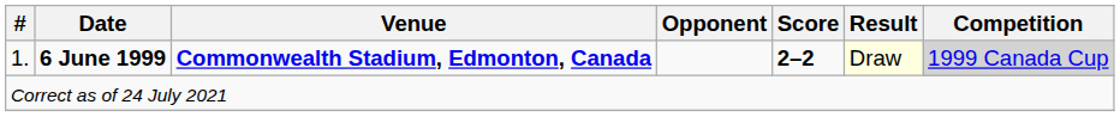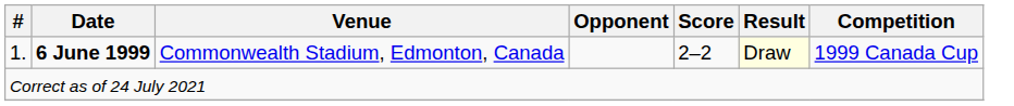 <table class="wikitable" style="font-size:95%;">
 <tr>
 <th>#</th>
 <th>Date</th>
 <th>Venue</th>
 <th>Opponent</th>
 <th>Score</th>
 <th>Result</th>
 <th>Competition</th>
 </tr>
 <tr>
 <td>1.</td>
 <td><strong>6 June 1999</strong></td>
-<td><strong><a href='#'>Commonwealth Stadium</a>, <a href='#'>Edmonton</a>, <a href='#'>Canada</a></strong></td>
+<td><a href='#'>Commonwealth Stadium</a>, <a href='#'>Edmonton</a>, <a href='#'>Canada</a></td>
 <td></td>
-<td><strong>2–2</strong></td>
+<td>2–2</td>
 <td style="background: lightyellow;">Draw</td>
-<td style="background: lightgrey;"><a href='#'>1999 Canada Cup</a></td>
+<td><a href='#'>1999 Canada Cup</a></td>
 </tr>
 <tr>
 <td colspan=18><small><em>Correct as of 24 July 2021</em></small></td>
 </tr>
 <tr>
 </tr>
 </table>
